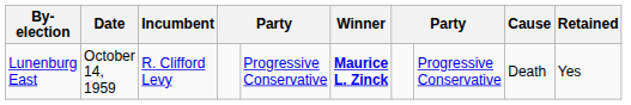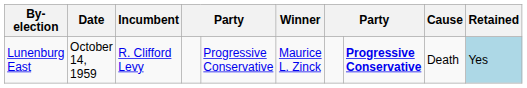 <table class=wikitable style="width:100%">
 <tr>
 <th>By-election</th>
 <th>Date</th>
 <th>Incumbent</th>
 <th colspan=2>Party</th>
 <th>Winner</th>
 <th colspan=2>Party</th>
 <th>Cause</th>
 <th>Retained</th>
 </tr>
 <tr>
 <td><a href='#'>Lunenburg East</a></td>
 <td>October 14, 1959</td>
 <td><a href='#'>R. Clifford Levy</a></td>
 <td>    </td>
 <td><a href='#'>Progressive Conservative</a></td>
-<td><strong><a href='#'>Maurice L. Zinck</a></strong></td>
+<td><a href='#'>Maurice L. Zinck</a></td>
 <td>    </td>
-<td><a href='#'>Progressive Conservative</a></td>
+<td><strong><a href='#'>Progressive Conservative</a></strong></td>
 <td>Death</td>
-<td>Yes</td>
+<td style="background: lightblue;">Yes</td>
 </tr>
 </table>
